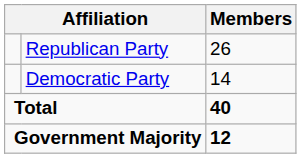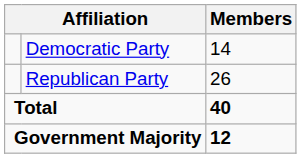 <table class="wikitable">
 <tr>
 <th colspan="2">Affiliation</th>
 <th>Members</th>
 </tr>
 <tr>
 <td style="background-color:"> </td>
-<td><a href='#'>Republican Party</a></td>
-<td>26</td>
+<td><a href='#'>Democratic Party</a></td>
+<td>14</td>
 </tr>
 <tr>
 <td style="background-color:"> </td>
-<td><a href='#'>Democratic Party</a></td>
-<td>14</td>
+<td><a href='#'>Republican Party</a></td>
+<td>26</td>
 </tr>
 <tr>
 <td colspan="2" rowspan="1"> <strong>Total</strong><br></td>
 <td><strong>40</strong></td>
 </tr>
 <tr>
 <td colspan="2" rowspan="1"> <strong>Government Majority</strong><br></td>
 <td><strong>12</strong></td>
 </tr>
 </table>
